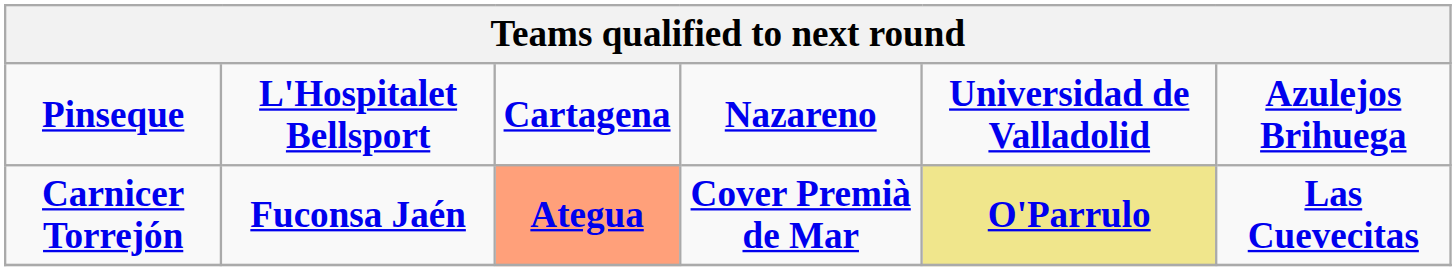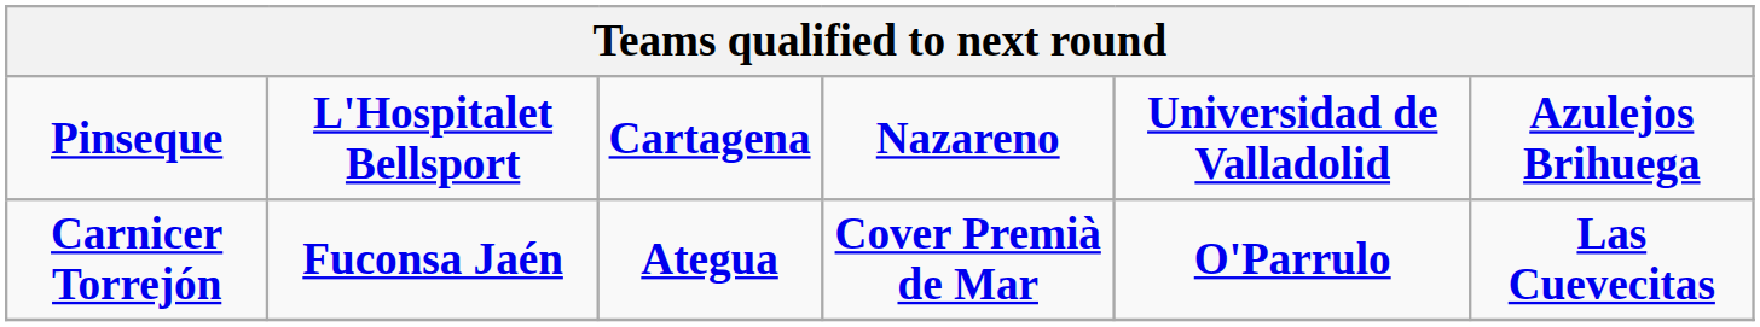 <table class="wikitable" style="text-align: center; margin: 0 auto;">
 <tr>
 <th colspan="6">Teams qualified to next round</th>
 </tr>
 <tr>
 <td><strong><a href='#'>Pinseque</a></strong></td>
 <td><strong><a href='#'>L'Hospitalet Bellsport</a></strong></td>
 <td><strong><a href='#'>Cartagena</a></strong></td>
 <td><strong><a href='#'>Nazareno</a></strong></td>
 <td><strong><a href='#'>Universidad de Valladolid</a></strong></td>
 <td><strong><a href='#'>Azulejos Brihuega</a></strong></td>
 </tr>
 <tr>
 <td><strong><a href='#'>Carnicer Torrejón</a></strong></td>
 <td><strong><a href='#'>Fuconsa Jaén</a></strong></td>
-<td style="background: lightsalmon;"><strong><a href='#'>Ategua</a></strong></td>
+<td><strong><a href='#'>Ategua</a></strong></td>
 <td><strong><a href='#'>Cover Premià de Mar</a></strong></td>
-<td style="background: khaki;"><strong><a href='#'>O'Parrulo</a></strong></td>
+<td><strong><a href='#'>O'Parrulo</a></strong></td>
 <td><strong><a href='#'>Las Cuevecitas</a></strong></td>
 </tr>
 <tr>
 </tr>
 </table>
